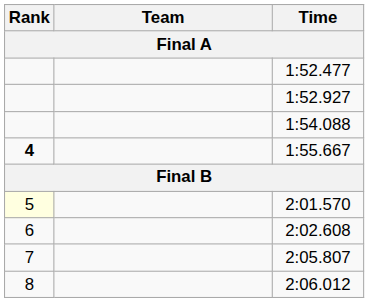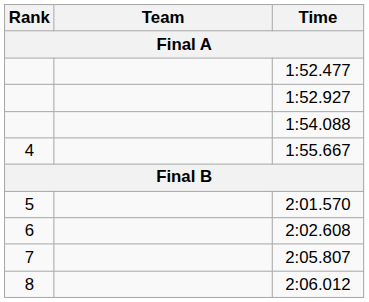 <table class=wikitable style="text-align:center">
 <tr>
 <th width=40>Rank</th>
 <th width=200>Team</th>
 <th width=80>Time</th>
 </tr>
 <tr>
 <th colspan=3>Final A</th>
 </tr>
 <tr>
 <td></td>
 <td align=left></td>
 <td>1:52.477</td>
 </tr>
 <tr>
 <td></td>
 <td align=left></td>
 <td>1:52.927</td>
 </tr>
 <tr>
 <td></td>
 <td align=left></td>
 <td>1:54.088</td>
 </tr>
 <tr>
-<td><strong>4</strong></td>
+<td>4</td>
 <td align=left></td>
 <td>1:55.667</td>
 </tr>
 <tr>
 <th colspan=3>Final B</th>
 </tr>
 <tr>
-<td style="background: lightyellow;">5</td>
+<td>5</td>
 <td align=left></td>
 <td>2:01.570</td>
 </tr>
 <tr>
 <td>6</td>
 <td align=left></td>
 <td>2:02.608</td>
 </tr>
 <tr>
 <td>7</td>
 <td align=left></td>
 <td>2:05.807</td>
 </tr>
 <tr>
 <td>8</td>
 <td align=left></td>
 <td>2:06.012</td>
 </tr>
 </table>
